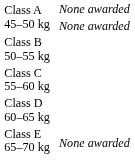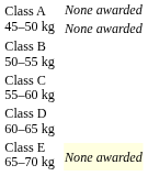 <table>
 <tr>
 <td rowspan=2>Class A<br>45–50 kg</td>
 <td rowspan=2></td>
 <td rowspan=2></td>
 <td><em>None awarded</em></td>
 </tr>
 <tr>
 <td><em>None awarded</em></td>
 </tr>
 <tr>
 <td rowspan=2>Class B<br>50–55 kg</td>
 <td rowspan=2></td>
 <td rowspan=2></td>
 <td></td>
 </tr>
 <tr>
 <td></td>
 </tr>
 <tr>
 <td rowspan=2>Class C<br>55–60 kg</td>
 <td rowspan=2></td>
 <td rowspan=2></td>
 <td></td>
 </tr>
 <tr>
 <td></td>
 </tr>
 <tr>
 <td rowspan=2>Class D<br>60–65 kg</td>
 <td rowspan=2></td>
 <td rowspan=2></td>
 <td></td>
 </tr>
 <tr>
 <td></td>
 </tr>
 <tr>
 <td rowspan=2>Class E<br>65–70 kg</td>
 <td rowspan=2></td>
 <td rowspan=2></td>
 <td></td>
 </tr>
 <tr>
-<td><em>None awarded</em></td>
+<td style="background: lightyellow;"><em>None awarded</em></td>
 </tr>
 </table>
